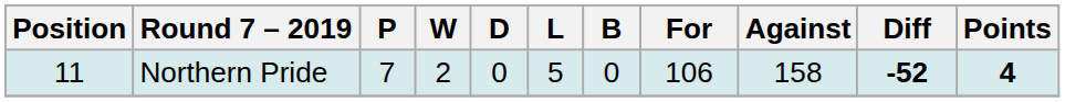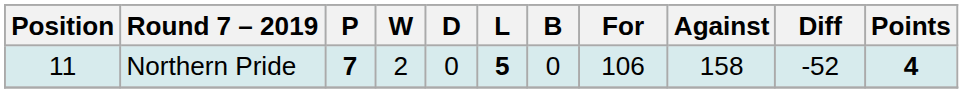 <table class="wikitable" style="text-align:center; font-size:85%;">
 <tr style="background: #d7ebed;">
 <th width="40" abbr="Position">Position</th>
 <th width="100">Round 7 – 2019</th>
 <th width="20" abbr="Played">P</th>
 <th width="20" abbr="Won">W</th>
 <th width="20" abbr="Drawn">D</th>
 <th width="20" abbr="Lost">L</th>
 <th width="20" abbr="Bye">B</th>
 <th width="40" abbr="Points for">For</th>
 <th width="40" abbr="Points against">Against</th>
 <th width="40" abbr="Points difference">Diff</th>
 <th width="40" abbr="Points">Points</th>
 </tr>
 <tr style="background: #d7ebed;">
 <td>11</td>
 <td style="text-align:left;"> Northern Pride</td>
-<td>7</td>
+<td><strong>7</strong></td>
 <td>2</td>
 <td>0</td>
-<td>5</td>
+<td><strong>5</strong></td>
 <td>0</td>
 <td>106</td>
 <td>158</td>
-<td><strong>-52</strong></td>
+<td>-52</td>
 <td><strong>4</strong></td>
 </tr>
 <tr>
 </tr>
 </table>
